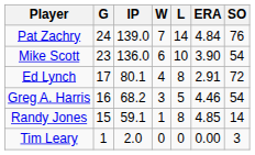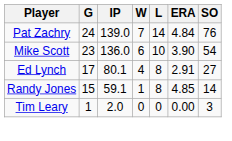 <table class="wikitable sortable">
 <tr>
 <th>Player</th>
 <th>G</th>
 <th>IP</th>
 <th>W</th>
 <th>L</th>
 <th>ERA</th>
 <th>SO</th>
 </tr>
 <tr align="center">
 <td><a href='#'>Pat Zachry</a></td>
 <td>24</td>
 <td>139.0</td>
 <td>7</td>
 <td>14</td>
 <td>4.84</td>
 <td>76</td>
 </tr>
 <tr align=center>
 <td><a href='#'>Mike Scott</a></td>
 <td>23</td>
 <td>136.0</td>
 <td>6</td>
 <td>10</td>
 <td>3.90</td>
 <td>54</td>
 </tr>
 <tr align=center>
 <td><a href='#'>Ed Lynch</a></td>
 <td>17</td>
 <td>80.1</td>
 <td>4</td>
 <td>8</td>
 <td>2.91</td>
-<td>72</td>
-</tr>
-<tr align=center>
-<td><a href='#'>Greg A. Harris</a></td>
-<td>16</td>
-<td>68.2</td>
-<td>3</td>
-<td>5</td>
-<td>4.46</td>
-<td>54</td>
+<td>27</td>
 </tr>
 <tr align=center>
 <td><a href='#'>Randy Jones</a></td>
 <td>15</td>
 <td>59.1</td>
 <td>1</td>
 <td>8</td>
 <td>4.85</td>
 <td>14</td>
 </tr>
 <tr align="center">
 <td><a href='#'>Tim Leary</a></td>
 <td>1</td>
 <td>2.0</td>
 <td>0</td>
 <td>0</td>
 <td>0.00</td>
 <td>3</td>
 </tr>
 </table>
